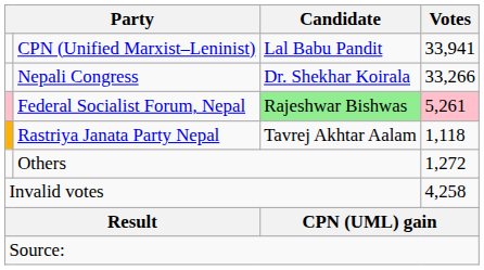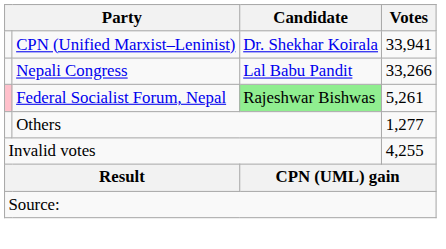 <table class="wikitable">
 <tr>
 <th colspan="2">Party</th>
 <th>Candidate</th>
 <th>Votes</th>
 </tr>
 <tr>
 <td style="background-color:"></td>
 <td><a href='#'>CPN (Unified Marxist–Leninist)</a></td>
-<td><a href='#'>Lal Babu Pandit</a></td>
+<td><a href='#'>Dr. Shekhar Koirala</a></td>
 <td>33,941</td>
 </tr>
 <tr>
 <td style="background-color:"></td>
 <td><a href='#'>Nepali Congress</a></td>
-<td><a href='#'>Dr. Shekhar Koirala</a></td>
+<td><a href='#'>Lal Babu Pandit</a></td>
 <td>33,266</td>
 </tr>
 <tr>
 <td style="background-color:pink"></td>
 <td><a href='#'>Federal Socialist Forum, Nepal</a></td>
 <td style="background: lightgreen;">Rajeshwar Bishwas</td>
-<td style="background: pink;">5,261</td>
-</tr>
-<tr>
-<td style="background-color:#ffb300"></td>
-<td><a href='#'>Rastriya Janata Party Nepal</a></td>
-<td>Tavrej Akhtar Aalam</td>
-<td>1,118</td>
+<td>5,261</td>
 </tr>
 <tr>
 <td></td>
 <td colspan="2">Others</td>
-<td>1,272</td>
+<td>1,277</td>
 </tr>
 <tr>
 <td colspan="3">Invalid votes</td>
-<td>4,258</td>
+<td>4,255</td>
 </tr>
 <tr>
 <th colspan="2">Result</th>
 <th colspan="2">CPN (UML) gain</th>
 </tr>
 <tr>
 <td colspan="4">Source: </td>
 </tr>
 </table>
